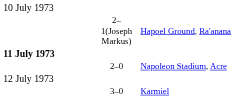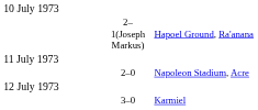 <table style="width:100%;" cellspacing="1">
 <tr>
 <th width=25%></th>
 <th width=10%></th>
 <th></th>
 </tr>
 <tr>
 <td>10 July 1973</td>
 </tr>
 <tr>
 </tr>
 <tr style=font-size:90%>
 <td align=right></td>
 <td align=center>2–1(Joseph Markus)</td>
 <td></td>
 <td><a href='#'>Hapoel Ground</a>, <a href='#'>Ra'anana</a></td>
 </tr>
 <tr>
-<td><strong>11 July 1973</strong></td>
+<td>11 July 1973</td>
 </tr>
 <tr style=font-size:90%>
 <td align=right></td>
 <td align=center>2–0</td>
 <td></td>
 <td><a href='#'>Napoleon Stadium</a>, <a href='#'>Acre</a></td>
 </tr>
 <tr>
 <td>12 July 1973</td>
 </tr>
 <tr style=font-size:90%>
 <td align=right></td>
 <td align=center>3–0</td>
 <td></td>
 <td><a href='#'>Karmiel</a></td>
 </tr>
 </table>
